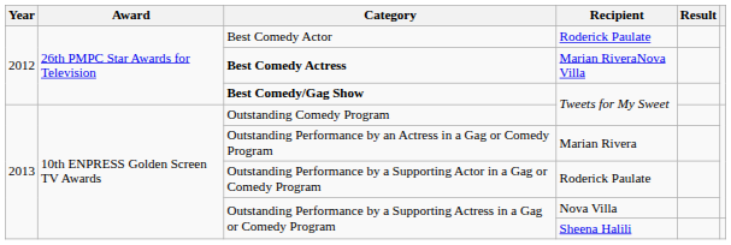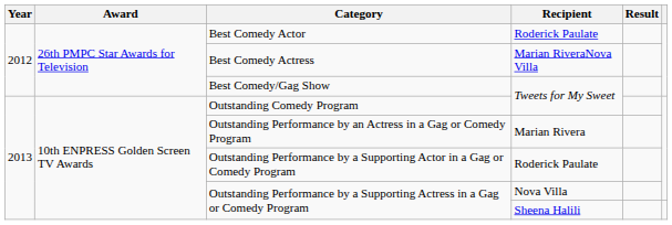 <table class="wikitable">
 <tr>
 <th>Year</th>
 <th>Award</th>
 <th>Category</th>
 <th>Recipient</th>
 <th>Result</th>
 <th></th>
 </tr>
 <tr>
 <td rowspan=3>2012</td>
 <td rowspan=3><a href='#'>26th PMPC Star Awards for Television</a></td>
 <td>Best Comedy Actor</td>
 <td><a href='#'>Roderick Paulate</a></td>
 <td></td>
 <td rowspan=3></td>
 </tr>
 <tr>
-<td><strong>Best Comedy Actress</strong></td>
+<td>Best Comedy Actress</td>
 <td><a href='#'>Marian Rivera</a><a href='#'>Nova Villa</a></td>
 <td></td>
 </tr>
 <tr>
-<td><strong>Best Comedy/Gag Show</strong></td>
+<td>Best Comedy/Gag Show</td>
 <td rowspan=2><em>Tweets for My Sweet</em></td>
 <td></td>
 </tr>
 <tr>
 <td rowspan=5>2013</td>
 <td rowspan=5>10th ENPRESS Golden Screen TV Awards</td>
 <td>Outstanding Comedy Program</td>
 <td></td>
 <td rowspan=4></td>
 </tr>
 <tr>
 <td>Outstanding Performance by an Actress in a Gag or Comedy Program</td>
 <td>Marian Rivera</td>
 <td></td>
 </tr>
 <tr>
 <td>Outstanding Performance by a Supporting Actor in a Gag or Comedy Program</td>
 <td>Roderick Paulate</td>
 <td></td>
 </tr>
 <tr>
 <td rowspan=2>Outstanding Performance by a Supporting Actress in a Gag or Comedy Program</td>
 <td>Nova Villa</td>
 <td></td>
 </tr>
 <tr>
 <td><a href='#'>Sheena Halili</a></td>
 <td></td>
 <td></td>
 </tr>
 </table>
